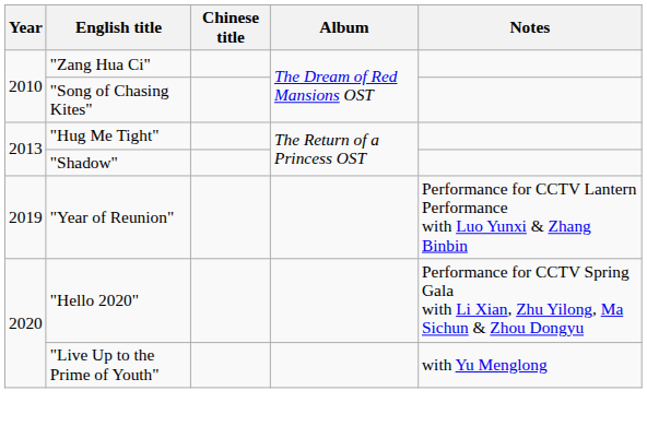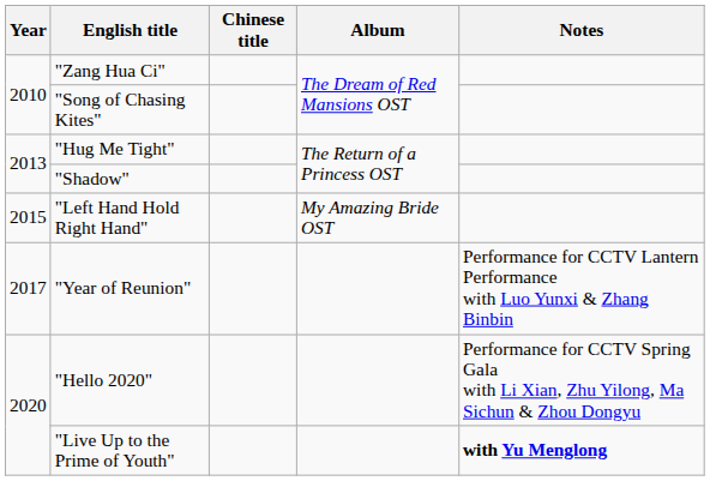 <table class="wikitable">
 <tr>
 <th>Year</th>
 <th>English title</th>
 <th>Chinese title</th>
 <th>Album</th>
 <th>Notes</th>
 </tr>
 <tr>
 <td rowspan=2>2010</td>
 <td>"Zang Hua Ci"</td>
 <td></td>
 <td rowspan=2><em><a href='#'>The Dream of Red Mansions</a> OST</em></td>
 <td></td>
 </tr>
 <tr>
 <td>"Song of Chasing Kites"</td>
 <td></td>
 <td></td>
 </tr>
 <tr>
 <td rowspan=2>2013</td>
 <td>"Hug Me Tight"</td>
 <td></td>
 <td rowspan=2><em>The Return of a Princess OST</em></td>
 <td></td>
 </tr>
 <tr>
 <td>"Shadow"</td>
 <td></td>
 <td></td>
 </tr>
 <tr>
-<td>2019</td>
+<td>2015</td>
+<td>"Left Hand Hold Right Hand"</td>
+<td></td>
+<td><em>My Amazing Bride OST</em></td>
+<td></td>
+</tr>
+<tr>
+<td>2017</td>
 <td>"Year of Reunion"</td>
 <td></td>
 <td></td>
 <td>Performance for CCTV Lantern Performance<br>with <a href='#'>Luo Yunxi</a> & <a href='#'>Zhang Binbin</a></td>
 </tr>
 <tr>
 <td rowspan=2>2020</td>
 <td>"Hello 2020"</td>
 <td></td>
 <td></td>
 <td>Performance for CCTV Spring Gala<br>with <a href='#'>Li Xian</a>, <a href='#'>Zhu Yilong</a>, <a href='#'>Ma Sichun</a> & <a href='#'>Zhou Dongyu</a></td>
 </tr>
 <tr>
 <td>"Live Up to the Prime of Youth"</td>
 <td></td>
 <td></td>
-<td>with <a href='#'>Yu Menglong</a></td>
+<td><strong>with <a href='#'>Yu Menglong</a></strong></td>
 </tr>
 </table>
